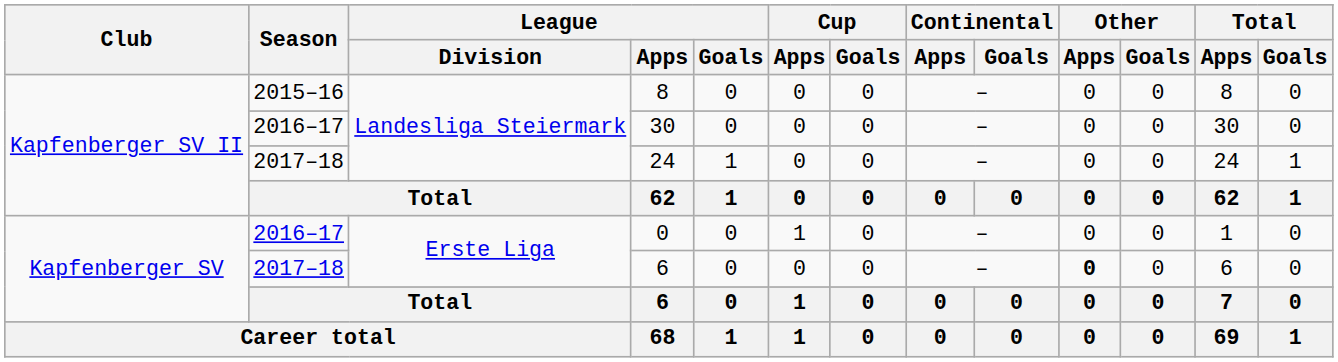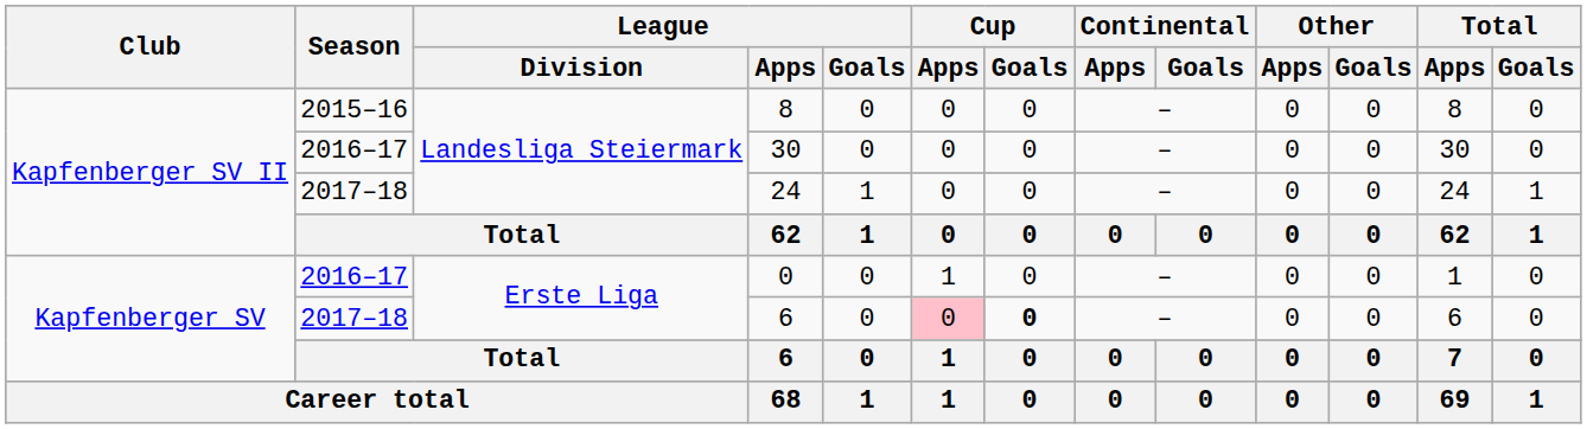 <table class="wikitable" style="text-align: center">
 <tr>
 <th rowspan="2">Club</th>
 <th rowspan="2">Season</th>
 <th colspan="3">League</th>
 <th colspan="2">Cup</th>
 <th colspan="2">Continental</th>
 <th colspan="2">Other</th>
 <th colspan="2">Total</th>
 </tr>
 <tr>
 <th>Division</th>
 <th>Apps</th>
 <th>Goals</th>
 <th>Apps</th>
 <th>Goals</th>
 <th>Apps</th>
 <th>Goals</th>
 <th>Apps</th>
 <th>Goals</th>
 <th>Apps</th>
 <th>Goals</th>
 </tr>
 <tr>
 <td rowspan="4"><a href='#'>Kapfenberger SV II</a></td>
 <td>2015–16</td>
 <td rowspan="3"><a href='#'>Landesliga Steiermark</a></td>
 <td>8</td>
 <td>0</td>
 <td>0</td>
 <td>0</td>
 <td colspan="2">–</td>
 <td>0</td>
 <td>0</td>
 <td>8</td>
 <td>0</td>
 </tr>
 <tr>
 <td>2016–17</td>
 <td>30</td>
 <td>0</td>
 <td>0</td>
 <td>0</td>
 <td colspan="2">–</td>
 <td>0</td>
 <td>0</td>
 <td>30</td>
 <td>0</td>
 </tr>
 <tr>
 <td>2017–18</td>
 <td>24</td>
 <td>1</td>
 <td>0</td>
 <td>0</td>
 <td colspan="2">–</td>
 <td>0</td>
 <td>0</td>
 <td>24</td>
 <td>1</td>
 </tr>
 <tr>
 <th colspan=2>Total</th>
 <th>62</th>
 <th>1</th>
 <th>0</th>
 <th>0</th>
 <th>0</th>
 <th>0</th>
 <th>0</th>
 <th>0</th>
 <th>62</th>
 <th>1</th>
 </tr>
 <tr>
 <td rowspan="3"><a href='#'>Kapfenberger SV</a></td>
 <td><a href='#'>2016–17</a></td>
 <td rowspan="2"><a href='#'>Erste Liga</a></td>
 <td>0</td>
 <td>0</td>
 <td>1</td>
 <td>0</td>
 <td colspan="2">–</td>
 <td>0</td>
 <td>0</td>
 <td>1</td>
 <td>0</td>
 </tr>
 <tr>
 <td><a href='#'>2017–18</a></td>
 <td>6</td>
 <td>0</td>
+<td style="background: pink;">0</td>
+<td><strong>0</strong></td>
+<td colspan="2">–</td>
 <td>0</td>
-<td>0</td>
-<td colspan="2">–</td>
-<td><strong>0</strong></td>
 <td>0</td>
 <td>6</td>
 <td>0</td>
 </tr>
 <tr>
 <th colspan=2>Total</th>
 <th>6</th>
 <th>0</th>
 <th>1</th>
 <th>0</th>
 <th>0</th>
 <th>0</th>
 <th>0</th>
 <th>0</th>
 <th>7</th>
 <th>0</th>
 </tr>
 <tr>
 <th colspan=3>Career total</th>
 <th>68</th>
 <th>1</th>
 <th>1</th>
 <th>0</th>
 <th>0</th>
 <th>0</th>
 <th>0</th>
 <th>0</th>
 <th>69</th>
 <th>1</th>
 </tr>
 </table>
